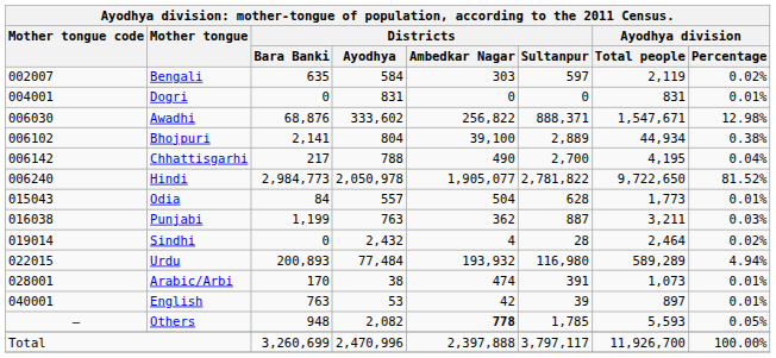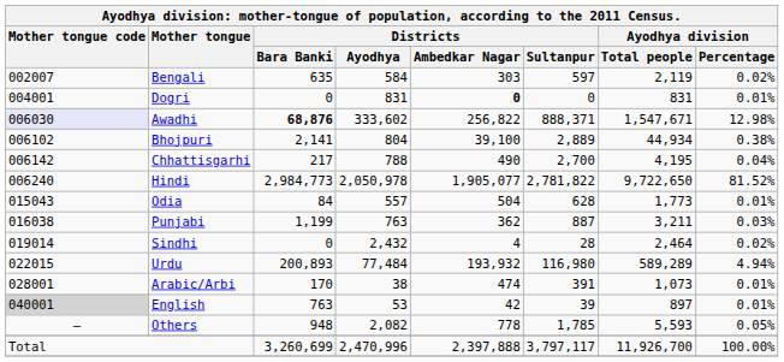 <table class="wikitable sortable mw-collapsible mw-collapsed">
 <tr style="vertical-align:top;">
 <th colspan=8>Ayodhya division: mother-tongue of population, according to the 2011 Census.</th>
 </tr>
 <tr style="vertical-align:top;">
 <th rowspan=2>Mother tongue code</th>
 <th rowspan=2>Mother tongue</th>
 <th colspan=4>Districts</th>
 <th colspan=2>Ayodhya division</th>
 </tr>
 <tr style="vertical-align:top;">
 <th>Bara Banki</th>
 <th>Ayodhya</th>
 <th>Ambedkar Nagar</th>
 <th>Sultanpur</th>
 <th>Total people</th>
 <th>Percentage</th>
 </tr>
 <tr style="vertical-align:top;">
 <td>002007</td>
 <td><a href='#'>Bengali</a></td>
 <td style="text-align:right;">635</td>
 <td style="text-align:right;">584</td>
 <td style="text-align:right;">303</td>
 <td style="text-align:right;">597</td>
 <td style="text-align:right;">2,119</td>
 <td style="text-align:right;">0.02%</td>
 </tr>
 <tr style="vertical-align:top;">
 <td>004001</td>
 <td><a href='#'>Dogri</a></td>
 <td style="text-align:right;">0</td>
 <td style="text-align:right;">831</td>
-<td style="text-align:right;">0</td>
+<td style="text-align:right;"><strong>0</strong></td>
 <td style="text-align:right;">0</td>
 <td style="text-align:right;">831</td>
 <td style="text-align:right;">0.01%</td>
 </tr>
 <tr style="vertical-align:top;">
-<td>006030</td>
+<td style="background: lavender;">006030</td>
 <td><a href='#'>Awadhi</a></td>
-<td style="text-align:right;">68,876</td>
+<td style="text-align:right;"><strong>68,876</strong></td>
 <td style="text-align:right;">333,602</td>
 <td style="text-align:right;">256,822</td>
 <td style="text-align:right;">888,371</td>
 <td style="text-align:right;">1,547,671</td>
 <td style="text-align:right;">12.98%</td>
 </tr>
 <tr style="vertical-align:top;">
 <td>006102</td>
 <td><a href='#'>Bhojpuri</a></td>
 <td style="text-align:right;">2,141</td>
 <td style="text-align:right;">804</td>
 <td style="text-align:right;">39,100</td>
 <td style="text-align:right;">2,889</td>
 <td style="text-align:right;">44,934</td>
 <td style="text-align:right;">0.38%</td>
 </tr>
 <tr style="vertical-align:top;">
 <td>006142</td>
 <td><a href='#'>Chhattisgarhi</a></td>
 <td style="text-align:right;">217</td>
 <td style="text-align:right;">788</td>
 <td style="text-align:right;">490</td>
 <td style="text-align:right;">2,700</td>
 <td style="text-align:right;">4,195</td>
 <td style="text-align:right;">0.04%</td>
 </tr>
 <tr style="vertical-align:top;">
 <td>006240</td>
 <td><a href='#'>Hindi</a></td>
 <td style="text-align:right;">2,984,773</td>
 <td style="text-align:right;">2,050,978</td>
 <td style="text-align:right;">1,905,077</td>
 <td style="text-align:right;">2,781,822</td>
 <td style="text-align:right;">9,722,650</td>
 <td style="text-align:right;">81.52%</td>
 </tr>
 <tr style="vertical-align:top;">
 <td>015043</td>
 <td><a href='#'>Odia</a></td>
 <td style="text-align:right;">84</td>
 <td style="text-align:right;">557</td>
 <td style="text-align:right;">504</td>
 <td style="text-align:right;">628</td>
 <td style="text-align:right;">1,773</td>
 <td style="text-align:right;">0.01%</td>
 </tr>
 <tr style="vertical-align:top;">
 <td>016038</td>
 <td><a href='#'>Punjabi</a></td>
 <td style="text-align:right;">1,199</td>
 <td style="text-align:right;">763</td>
 <td style="text-align:right;">362</td>
 <td style="text-align:right;">887</td>
 <td style="text-align:right;">3,211</td>
 <td style="text-align:right;">0.03%</td>
 </tr>
 <tr style="vertical-align:top;">
 <td>019014</td>
 <td><a href='#'>Sindhi</a></td>
 <td style="text-align:right;">0</td>
 <td style="text-align:right;">2,432</td>
 <td style="text-align:right;">4</td>
 <td style="text-align:right;">28</td>
 <td style="text-align:right;">2,464</td>
 <td style="text-align:right;">0.02%</td>
 </tr>
 <tr style="vertical-align:top;">
 <td>022015</td>
 <td><a href='#'>Urdu</a></td>
 <td style="text-align:right;">200,893</td>
 <td style="text-align:right;">77,484</td>
 <td style="text-align:right;">193,932</td>
 <td style="text-align:right;">116,980</td>
 <td style="text-align:right;">589,289</td>
 <td style="text-align:right;">4.94%</td>
 </tr>
 <tr style="vertical-align:top;">
 <td>028001</td>
 <td><a href='#'>Arabic/Arbi</a></td>
 <td style="text-align:right;">170</td>
 <td style="text-align:right;">38</td>
 <td style="text-align:right;">474</td>
 <td style="text-align:right;">391</td>
 <td style="text-align:right;">1,073</td>
 <td style="text-align:right;">0.01%</td>
 </tr>
 <tr style="vertical-align:top;">
-<td>040001</td>
+<td style="background: lightgrey;">040001</td>
 <td><a href='#'>English</a></td>
 <td style="text-align:right;">763</td>
 <td style="text-align:right;">53</td>
 <td style="text-align:right;">42</td>
 <td style="text-align:right;">39</td>
 <td style="text-align:right;">897</td>
 <td style="text-align:right;">0.01%</td>
 </tr>
 <tr style="vertical-align:top;">
 <td style="text-align:center;">–</td>
 <td><a href='#'>Others</a></td>
 <td style="text-align:right;">948</td>
 <td style="text-align:right;">2,082</td>
-<td style="text-align:right;"><strong>778</strong></td>
+<td style="text-align:right;">778</td>
 <td style="text-align:right;">1,785</td>
 <td style="text-align:right;">5,593</td>
 <td style="text-align:right;">0.05%</td>
 </tr>
 <tr style="vertical-align:top;">
 </tr>
 <tr valign=top class="sortbottom">
 <td colspan=2>Total</td>
 <td style="text-align:right;">3,260,699</td>
 <td style="text-align:right;">2,470,996</td>
 <td style="text-align:right;">2,397,888</td>
 <td style="text-align:right;">3,797,117</td>
 <td style="text-align:right;">11,926,700</td>
 <td style="text-align:right;">100.00%</td>
 </tr>
 <tr>
 </tr>
 </table>
